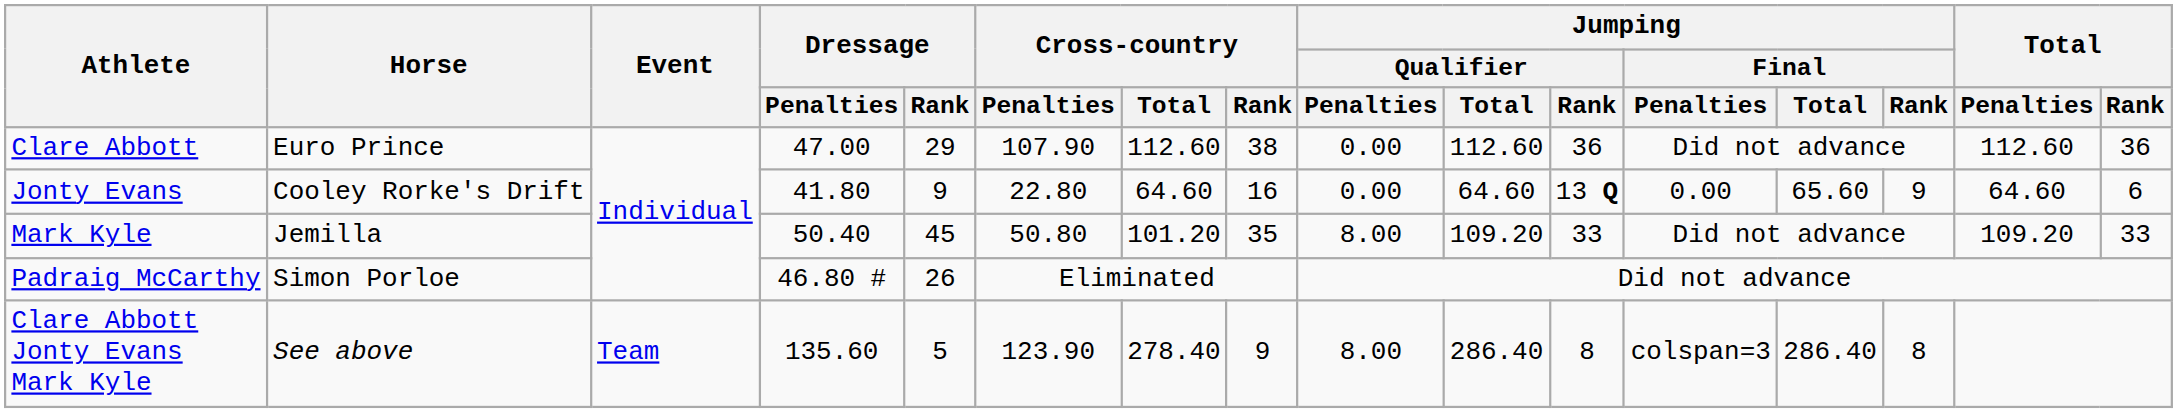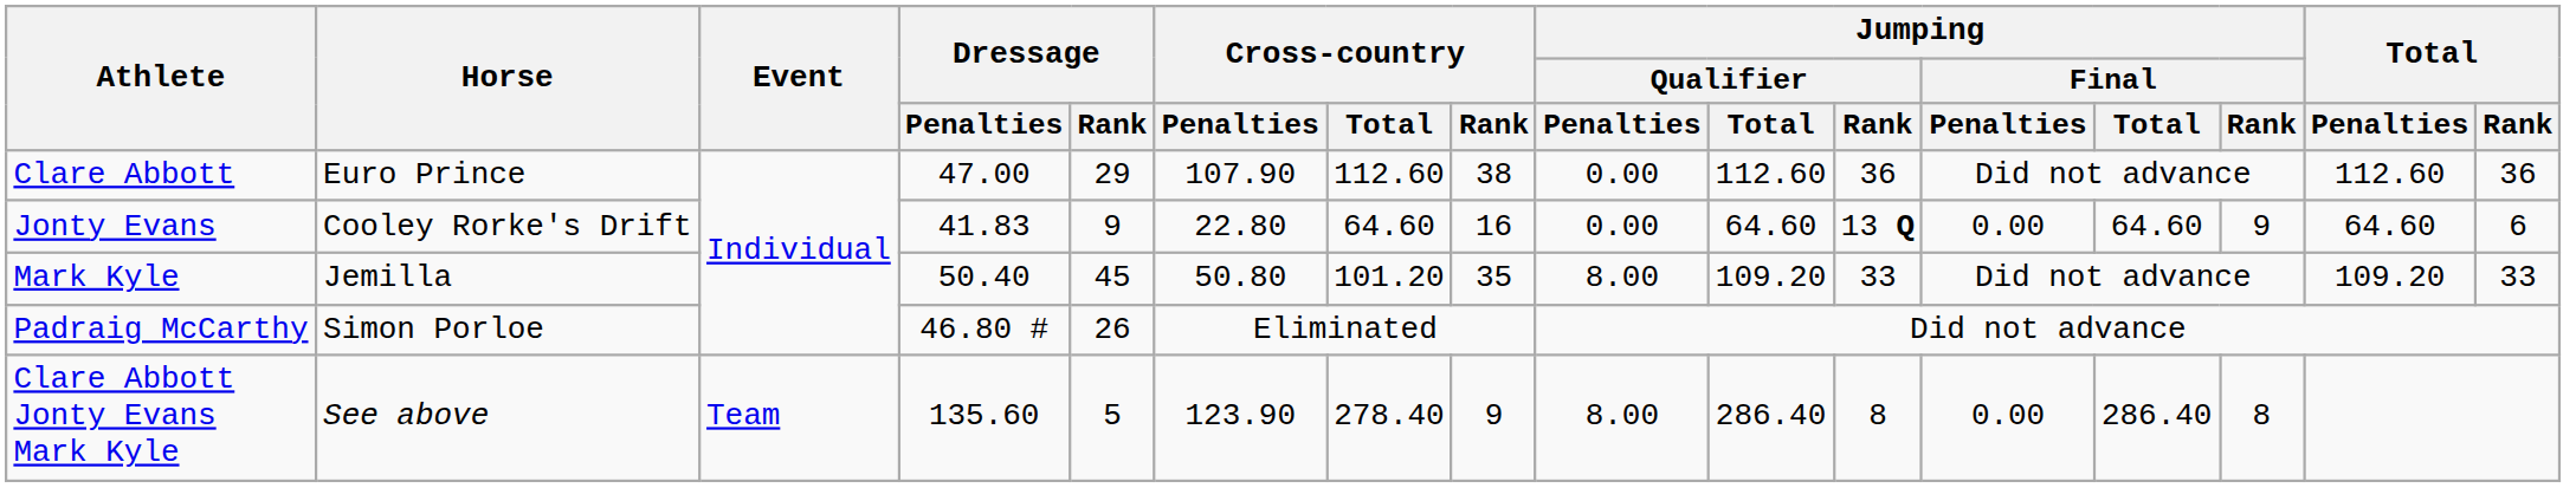 <table class=wikitable style="font-size:90%">
 <tr>
 <th rowspan="3">Athlete</th>
 <th rowspan="3">Horse</th>
 <th rowspan="3">Event</th>
 <th colspan="2" rowspan="2">Dressage</th>
 <th colspan="3" rowspan="2">Cross-country</th>
 <th colspan="6">Jumping</th>
 <th colspan="2" rowspan="2">Total</th>
 </tr>
 <tr style="font-size:95%">
 <th colspan="3">Qualifier</th>
 <th colspan="3">Final</th>
 </tr>
 <tr style="font-size:95%">
 <th>Penalties</th>
 <th>Rank</th>
 <th>Penalties</th>
 <th>Total</th>
 <th>Rank</th>
 <th>Penalties</th>
 <th>Total</th>
 <th>Rank</th>
 <th>Penalties</th>
 <th>Total</th>
 <th>Rank</th>
 <th>Penalties</th>
 <th>Rank</th>
 </tr>
 <tr align=center>
 <td align=left><a href='#'>Clare Abbott</a></td>
 <td align=left>Euro Prince</td>
 <td align=left rowspan=4><a href='#'>Individual</a></td>
 <td>47.00</td>
 <td>29</td>
 <td>107.90</td>
 <td>112.60</td>
 <td>38</td>
 <td>0.00</td>
 <td>112.60</td>
 <td>36</td>
 <td colspan=3>Did not advance</td>
 <td>112.60</td>
 <td>36</td>
 </tr>
 <tr align=center>
 <td align=left><a href='#'>Jonty Evans</a></td>
 <td align=left>Cooley Rorke's Drift</td>
-<td>41.80</td>
+<td>41.83</td>
 <td>9</td>
 <td>22.80</td>
 <td>64.60</td>
 <td>16</td>
 <td>0.00</td>
 <td>64.60</td>
 <td>13 <strong>Q</strong></td>
 <td>0.00</td>
-<td>65.60</td>
+<td>64.60</td>
 <td>9</td>
 <td>64.60</td>
 <td>6</td>
 </tr>
 <tr align=center>
 <td align=left><a href='#'>Mark Kyle</a></td>
 <td align=left>Jemilla</td>
 <td>50.40</td>
 <td>45</td>
 <td>50.80</td>
 <td>101.20</td>
 <td>35</td>
 <td>8.00</td>
 <td>109.20</td>
 <td>33</td>
 <td colspan=3>Did not advance</td>
 <td>109.20</td>
 <td>33</td>
 </tr>
 <tr align="center">
 <td align=left><a href='#'>Padraig McCarthy</a></td>
 <td align=left>Simon Porloe</td>
 <td>46.80 #</td>
 <td>26</td>
 <td colspan=3>Eliminated</td>
 <td colspan=8>Did not advance</td>
 </tr>
 <tr align=center>
 <td align=left><a href='#'>Clare Abbott</a><br><a href='#'>Jonty Evans</a><br><a href='#'>Mark Kyle</a></td>
 <td align=left><em>See above</em></td>
 <td align=left><a href='#'>Team</a></td>
 <td>135.60</td>
 <td>5</td>
 <td>123.90</td>
 <td>278.40</td>
 <td>9</td>
 <td>8.00</td>
 <td>286.40</td>
 <td>8</td>
-<td>colspan=3 </td>
+<td>0.00</td>
 <td>286.40</td>
 <td>8</td>
 </tr>
 </table>
